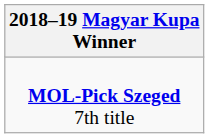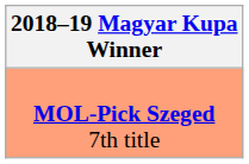 <table class=wikitable style="text-align:center; margin:auto">
 <tr>
 <th>2018–19 <a href='#'>Magyar Kupa</a><br>Winner</th>
 </tr>
 <tr>
-<td align=center><br><strong><a href='#'>MOL-Pick Szeged</a></strong><br>7th title</td>
+<td align=center style="background: lightsalmon;"><br><strong><a href='#'>MOL-Pick Szeged</a></strong><br>7th title</td>
 </tr>
 </table>
